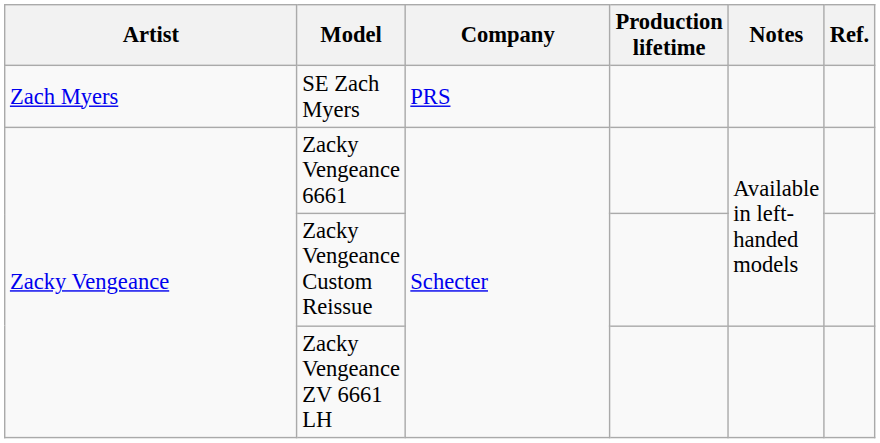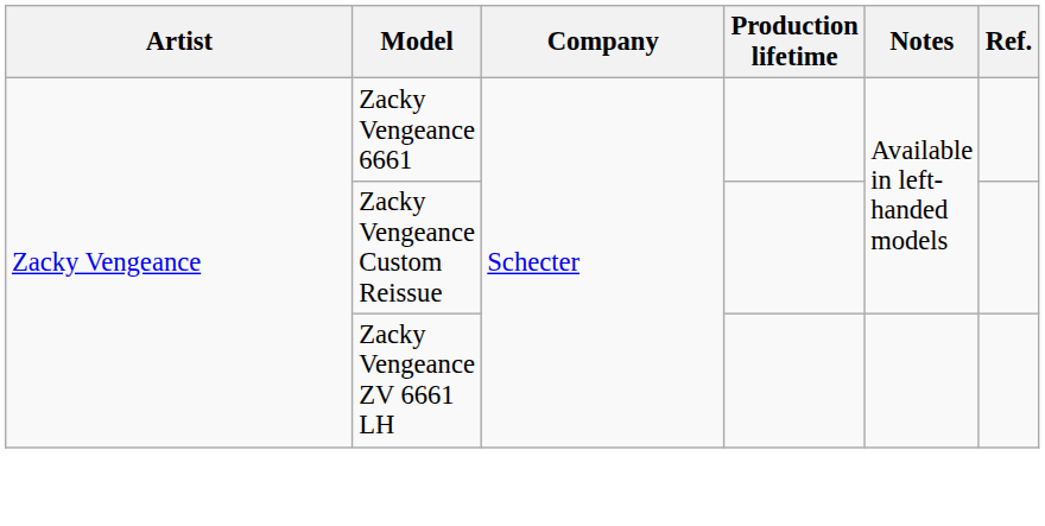 <table class="wikitable sortable plainrowheaders" style="width:99%;">
 <tr>
 <th scope="col" style="width:15em;">Artist</th>
 <th scope="col">Model</th>
 <th scope="col" style="width:10em;">Company</th>
 <th scope="col">Production lifetime</th>
 <th scope="col" class="unsortable">Notes</th>
 <th scope="col">Ref.</th>
-</tr>
-<tr>
-<td><a href='#'>Zach Myers</a></td>
-<td>SE Zach Myers</td>
-<td><a href='#'>PRS</a></td>
-<td></td>
-<td></td>
-<td></td>
 </tr>
 <tr>
 <td rowspan=3><a href='#'>Zacky Vengeance</a></td>
 <td>Zacky Vengeance 6661</td>
 <td rowspan=3><a href='#'>Schecter</a></td>
 <td></td>
 <td rowspan=2>Available in left-handed models</td>
 <td></td>
 </tr>
 <tr>
 <td>Zacky Vengeance Custom Reissue</td>
 <td></td>
 <td></td>
 </tr>
 <tr>
 <td>Zacky Vengeance ZV 6661 LH</td>
 <td></td>
 <td></td>
 <td></td>
 </tr>
 </table>
